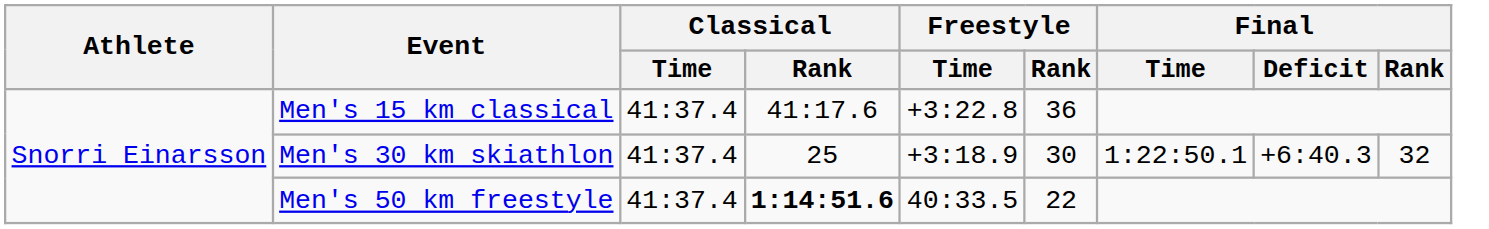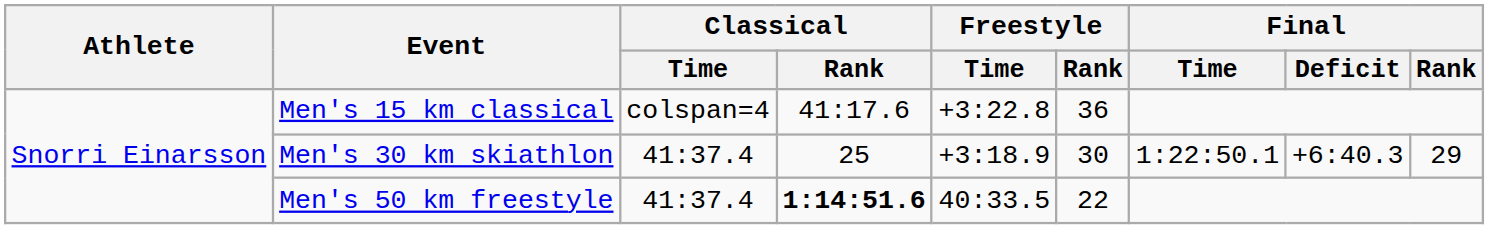 <table class="wikitable" style="font-size:90%">
 <tr>
 <th rowspan=2>Athlete</th>
 <th rowspan=2>Event</th>
 <th colspan=2>Classical</th>
 <th colspan=2>Freestyle</th>
 <th colspan=3>Final</th>
 </tr>
 <tr style="font-size: 95%">
 <th>Time</th>
 <th>Rank</th>
 <th>Time</th>
 <th>Rank</th>
 <th>Time</th>
 <th>Deficit</th>
 <th>Rank</th>
 </tr>
 <tr align=center>
 <td align=left rowspan=3><a href='#'>Snorri Einarsson</a></td>
 <td align=left><a href='#'>Men's 15 km classical</a></td>
-<td>41:37.4</td>
+<td>colspan=4 </td>
 <td>41:17.6</td>
 <td>+3:22.8</td>
 <td>36</td>
 </tr>
 <tr align=center>
 <td align=left><a href='#'>Men's 30 km skiathlon</a></td>
 <td>41:37.4</td>
 <td>25</td>
 <td>+3:18.9</td>
 <td>30</td>
 <td>1:22:50.1</td>
 <td>+6:40.3</td>
-<td>32</td>
+<td>29</td>
 </tr>
 <tr align=center>
 <td align=left><a href='#'>Men's 50 km freestyle</a></td>
 <td>41:37.4</td>
 <td><strong>1:14:51.6</strong></td>
 <td>40:33.5</td>
 <td>22</td>
 </tr>
 </table>
